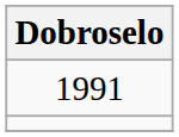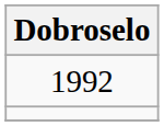 <table class="wikitable" style="margin: 0.5em auto; text-align: center;">
 <tr>
 <th colspan="1">Dobroselo</th>
 </tr>
 <tr>
-<td>1991</td>
+<td>1992</td>
 </tr>
 <tr>
 <td></td>
 </tr>
 <tr>
 </tr>
 </table>
